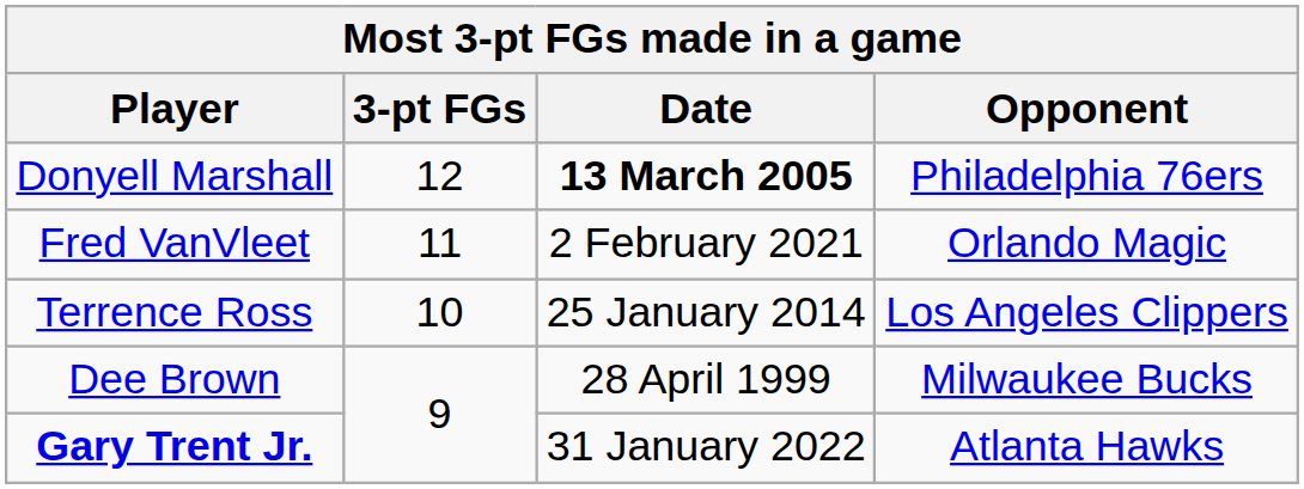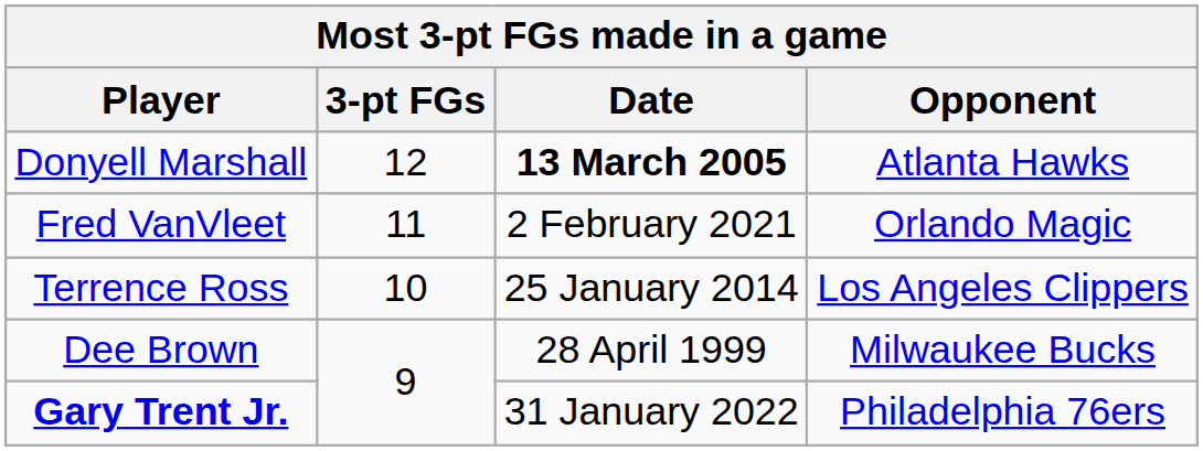 <table class="wikitable" style="text-align:center">
 <tr>
 <th colspan="4">Most 3-pt FGs made in a game</th>
 </tr>
 <tr>
 <th>Player</th>
 <th>3-pt FGs</th>
 <th>Date</th>
 <th>Opponent</th>
 </tr>
 <tr>
 <td><a href='#'>Donyell Marshall</a></td>
 <td>12</td>
 <td><strong>13 March 2005</strong></td>
-<td><a href='#'>Philadelphia 76ers</a></td>
+<td><a href='#'>Atlanta Hawks</a></td>
 </tr>
 <tr>
 <td><a href='#'>Fred VanVleet</a></td>
 <td>11</td>
 <td>2 February 2021</td>
 <td><a href='#'>Orlando Magic</a></td>
 </tr>
 <tr>
 <td><a href='#'>Terrence Ross</a></td>
 <td>10</td>
 <td>25 January 2014</td>
 <td><a href='#'>Los Angeles Clippers</a></td>
 </tr>
 <tr>
 <td><a href='#'>Dee Brown</a></td>
 <td rowspan="2">9</td>
 <td>28 April 1999</td>
 <td><a href='#'>Milwaukee Bucks</a></td>
 </tr>
 <tr>
 <td><strong><a href='#'>Gary Trent Jr.</a></strong></td>
 <td>31 January 2022</td>
-<td><a href='#'>Atlanta Hawks</a></td>
+<td><a href='#'>Philadelphia 76ers</a></td>
 </tr>
 </table>
